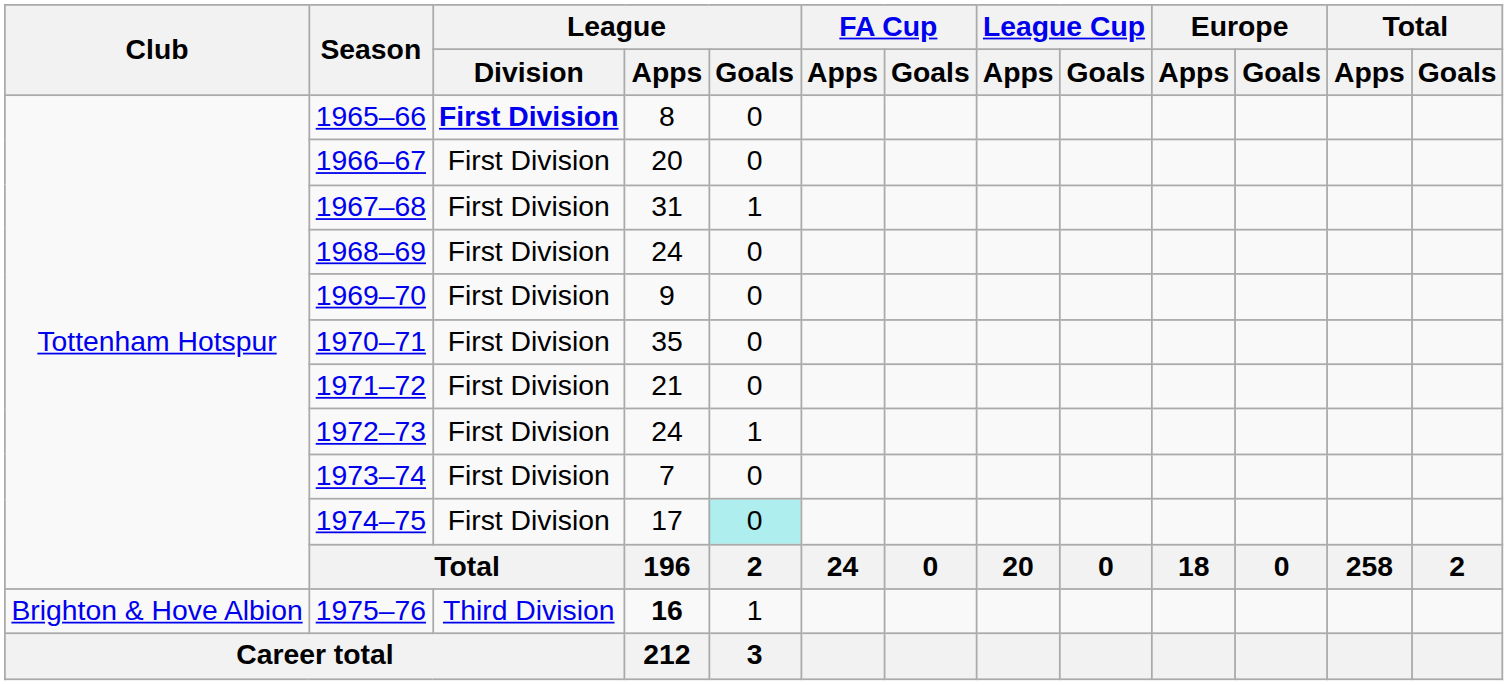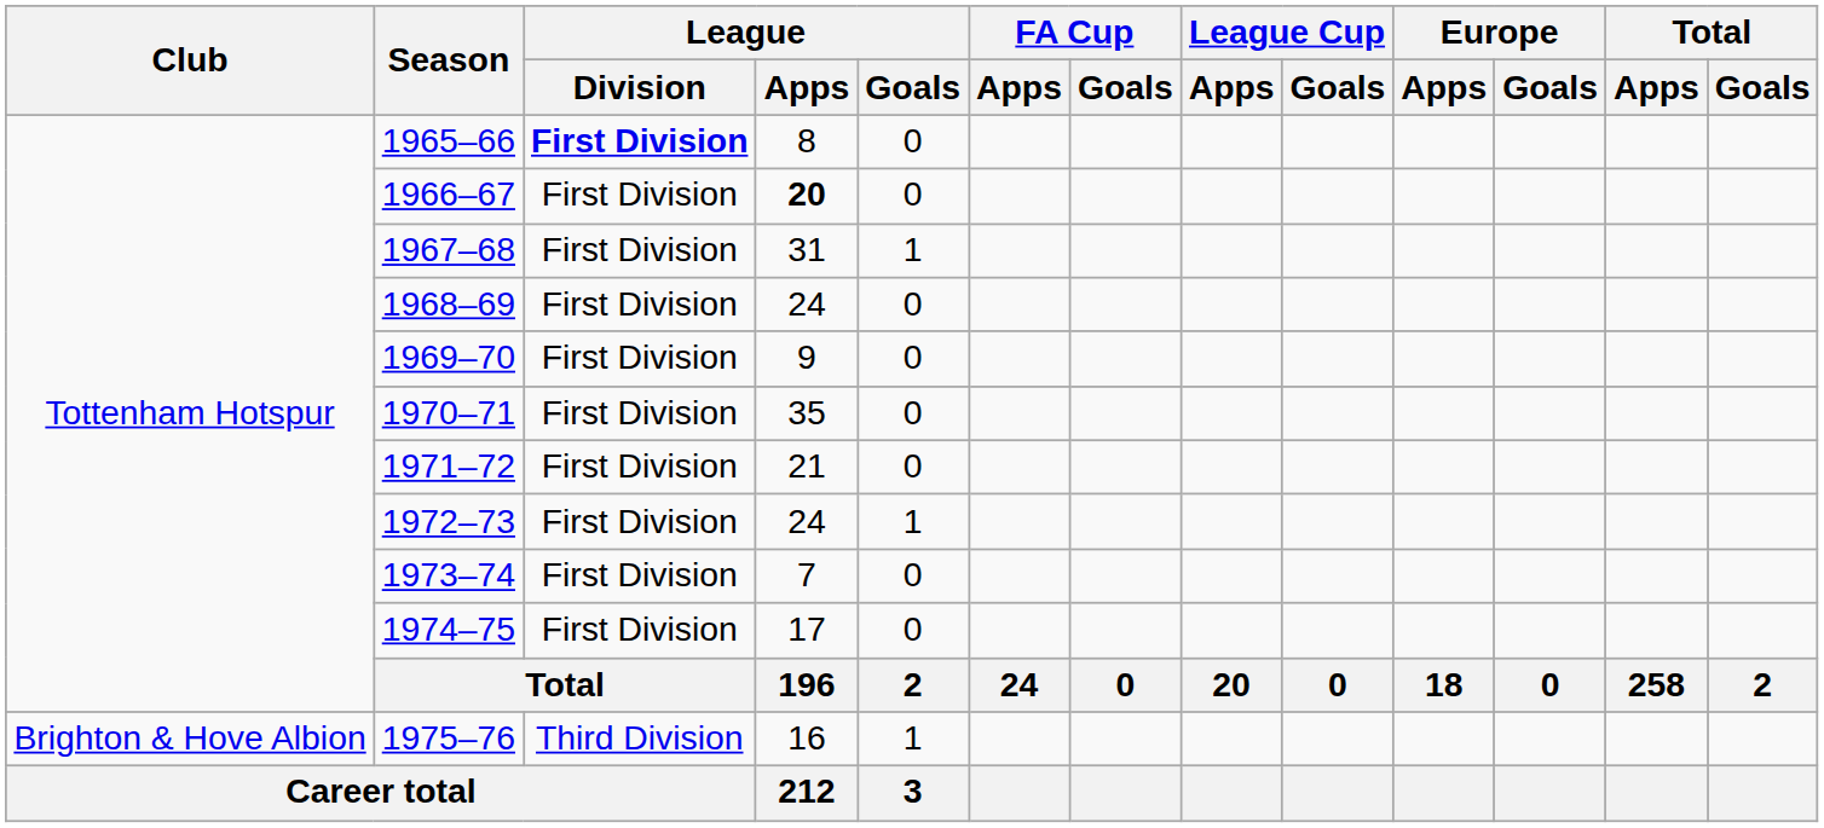 <table class="wikitable" style="text-align:center">
 <tr>
 <th rowspan="2">Club</th>
 <th rowspan="2">Season</th>
 <th colspan="3">League</th>
 <th colspan="2"><a href='#'>FA Cup</a></th>
 <th colspan="2"><a href='#'>League Cup</a></th>
 <th colspan="2">Europe</th>
 <th colspan="2">Total</th>
 </tr>
 <tr>
 <th>Division</th>
 <th>Apps</th>
 <th>Goals</th>
 <th>Apps</th>
 <th>Goals</th>
 <th>Apps</th>
 <th>Goals</th>
 <th>Apps</th>
 <th>Goals</th>
 <th>Apps</th>
 <th>Goals</th>
 </tr>
 <tr>
 <td rowspan="11"><a href='#'>Tottenham Hotspur</a></td>
 <td><a href='#'>1965–66</a></td>
 <td><strong><a href='#'>First Division</a></strong></td>
 <td>8</td>
 <td>0</td>
 <td></td>
 <td></td>
 <td></td>
 <td></td>
 <td></td>
 <td></td>
 <td></td>
 <td></td>
 </tr>
 <tr>
 <td><a href='#'>1966–67</a></td>
 <td>First Division</td>
-<td>20</td>
+<td><strong>20</strong></td>
 <td>0</td>
 <td></td>
 <td></td>
 <td></td>
 <td></td>
 <td></td>
 <td></td>
 <td></td>
 <td></td>
 </tr>
 <tr>
 <td><a href='#'>1967–68</a></td>
 <td>First Division</td>
 <td>31</td>
 <td>1</td>
 <td></td>
 <td></td>
 <td></td>
 <td></td>
 <td></td>
 <td></td>
 <td></td>
 <td></td>
 </tr>
 <tr>
 <td><a href='#'>1968–69</a></td>
 <td>First Division</td>
 <td>24</td>
 <td>0</td>
 <td></td>
 <td></td>
 <td></td>
 <td></td>
 <td></td>
 <td></td>
 <td></td>
 <td></td>
 </tr>
 <tr>
 <td><a href='#'>1969–70</a></td>
 <td>First Division</td>
 <td>9</td>
 <td>0</td>
 <td></td>
 <td></td>
 <td></td>
 <td></td>
 <td></td>
 <td></td>
 <td></td>
 <td></td>
 </tr>
 <tr>
 <td><a href='#'>1970–71</a></td>
 <td>First Division</td>
 <td>35</td>
 <td>0</td>
 <td></td>
 <td></td>
 <td></td>
 <td></td>
 <td></td>
 <td></td>
 <td></td>
 <td></td>
 </tr>
 <tr>
 <td><a href='#'>1971–72</a></td>
 <td>First Division</td>
 <td>21</td>
 <td>0</td>
 <td></td>
 <td></td>
 <td></td>
 <td></td>
 <td></td>
 <td></td>
 <td></td>
 <td></td>
 </tr>
 <tr>
 <td><a href='#'>1972–73</a></td>
 <td>First Division</td>
 <td>24</td>
 <td>1</td>
 <td></td>
 <td></td>
 <td></td>
 <td></td>
 <td></td>
 <td></td>
 <td></td>
 <td></td>
 </tr>
 <tr>
 <td><a href='#'>1973–74</a></td>
 <td>First Division</td>
 <td>7</td>
 <td>0</td>
 <td></td>
 <td></td>
 <td></td>
 <td></td>
 <td></td>
 <td></td>
 <td></td>
 <td></td>
 </tr>
 <tr>
 <td><a href='#'>1974–75</a></td>
 <td>First Division</td>
 <td>17</td>
-<td style="background: paleturquoise;">0</td>
+<td>0</td>
 <td></td>
 <td></td>
 <td></td>
 <td></td>
 <td></td>
 <td></td>
 <td></td>
 <td></td>
 </tr>
 <tr>
 <th colspan="2">Total</th>
 <th>196</th>
 <th>2</th>
 <th>24</th>
 <th>0</th>
 <th>20</th>
 <th>0</th>
 <th>18</th>
 <th>0</th>
 <th>258</th>
 <th>2</th>
 </tr>
 <tr>
 <td><a href='#'>Brighton & Hove Albion</a></td>
 <td><a href='#'>1975–76</a></td>
 <td><a href='#'>Third Division</a></td>
-<td><strong>16</strong></td>
+<td>16</td>
 <td>1</td>
 <td></td>
 <td></td>
 <td></td>
 <td></td>
 <td></td>
 <td></td>
 <td></td>
 <td></td>
 </tr>
 <tr>
 <th colspan="3">Career total</th>
 <th>212</th>
 <th>3</th>
 <th></th>
 <th></th>
 <th></th>
 <th></th>
 <th></th>
 <th></th>
 <th></th>
 <th></th>
 </tr>
 </table>
